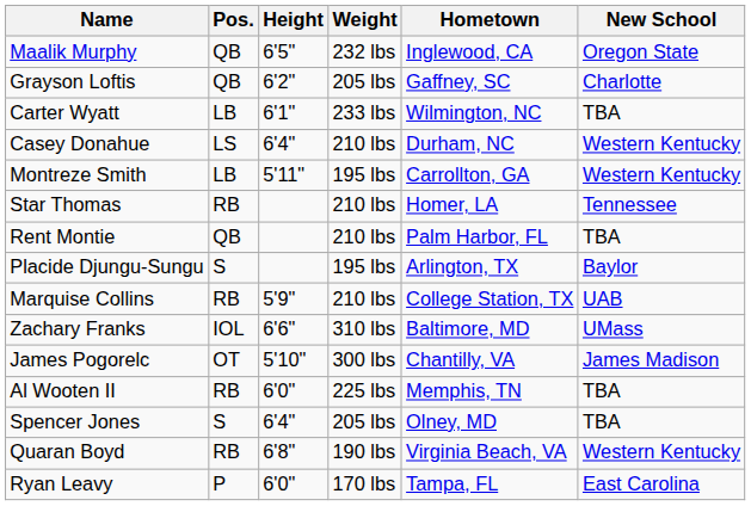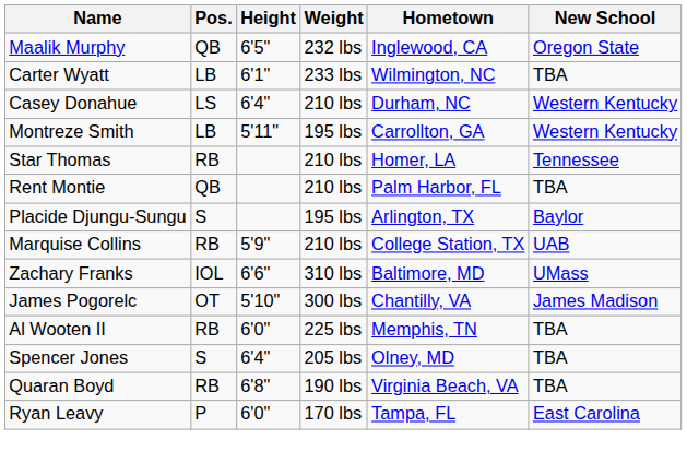 <table class="wikitable sortable">
 <tr>
 <th>Name</th>
 <th>Pos.</th>
 <th>Height</th>
 <th>Weight</th>
 <th>Hometown</th>
 <th class="unsortable">New School</th>
 </tr>
 <tr style="background:">
 <td><a href='#'>Maalik Murphy</a></td>
 <td>QB</td>
 <td>6'5"</td>
 <td>232 lbs</td>
 <td><a href='#'>Inglewood, CA</a></td>
 <td><a href='#'>Oregon State</a></td>
-</tr>
-<tr style="background:">
-<td>Grayson Loftis</td>
-<td>QB</td>
-<td>6'2"</td>
-<td>205 lbs</td>
-<td><a href='#'>Gaffney, SC</a></td>
-<td><a href='#'>Charlotte</a></td>
 </tr>
 <tr style="background:">
 <td>Carter Wyatt</td>
 <td>LB</td>
 <td>6'1"</td>
 <td>233 lbs</td>
 <td><a href='#'>Wilmington, NC</a></td>
 <td>TBA</td>
 </tr>
 <tr style="background">
 <td>Casey Donahue</td>
 <td>LS</td>
 <td>6'4"</td>
 <td>210 lbs</td>
 <td><a href='#'>Durham, NC</a></td>
 <td><a href='#'>Western Kentucky</a></td>
 </tr>
 <tr style="background">
 <td>Montreze Smith</td>
 <td>LB</td>
 <td>5'11"</td>
 <td>195 lbs</td>
 <td><a href='#'>Carrollton, GA</a></td>
 <td><a href='#'>Western Kentucky</a></td>
 </tr>
 <tr>
 <td>Star Thomas</td>
 <td>RB</td>
 <td></td>
 <td>210 lbs</td>
 <td><a href='#'>Homer, LA</a></td>
 <td><a href='#'>Tennessee</a></td>
 </tr>
 <tr>
 <td>Rent Montie</td>
 <td>QB</td>
 <td></td>
 <td>210 lbs</td>
 <td><a href='#'>Palm Harbor, FL</a></td>
 <td>TBA</td>
 </tr>
 <tr>
 <td>Placide Djungu-Sungu</td>
 <td>S</td>
 <td></td>
 <td>195 lbs</td>
 <td><a href='#'>Arlington, TX</a></td>
 <td><a href='#'>Baylor</a></td>
 </tr>
 <tr>
 <td>Marquise Collins</td>
 <td>RB</td>
 <td>5'9"</td>
 <td>210 lbs</td>
 <td><a href='#'>College Station, TX</a></td>
 <td><a href='#'>UAB</a></td>
 </tr>
 <tr>
 <td>Zachary Franks</td>
 <td>IOL</td>
 <td>6'6"</td>
 <td>310 lbs</td>
 <td><a href='#'>Baltimore, MD</a></td>
 <td><a href='#'>UMass</a></td>
 </tr>
 <tr>
 <td>James Pogorelc</td>
 <td>OT</td>
 <td>5'10"</td>
 <td>300 lbs</td>
 <td><a href='#'>Chantilly, VA</a></td>
 <td><a href='#'>James Madison</a></td>
 </tr>
 <tr>
 <td>Al Wooten II</td>
 <td>RB</td>
 <td>6'0"</td>
 <td>225 lbs</td>
 <td><a href='#'>Memphis, TN</a></td>
 <td>TBA</td>
 </tr>
 <tr>
 <td>Spencer Jones</td>
 <td>S</td>
 <td>6'4"</td>
 <td>205 lbs</td>
 <td><a href='#'>Olney, MD</a></td>
 <td>TBA</td>
 </tr>
 <tr>
 <td>Quaran Boyd</td>
 <td>RB</td>
 <td>6'8"</td>
 <td>190 lbs</td>
 <td><a href='#'>Virginia Beach, VA</a></td>
-<td><a href='#'>Western Kentucky</a></td>
+<td>TBA</td>
 </tr>
 <tr>
 <td>Ryan Leavy</td>
 <td>P</td>
 <td>6'0"</td>
 <td>170 lbs</td>
 <td><a href='#'>Tampa, FL</a></td>
 <td><a href='#'>East Carolina</a></td>
 </tr>
 </table>
